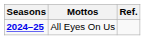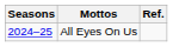 <table class="wikitable" style="text-align:left">
 <tr>
 <th>Seasons</th>
 <th>Mottos</th>
 <th>Ref.</th>
 </tr>
 <tr>
-<td><strong><a href='#'>2024–25</a></strong></td>
+<td><a href='#'>2024–25</a></td>
 <td>All Eyes On Us</td>
 <td></td>
 </tr>
 </table>
